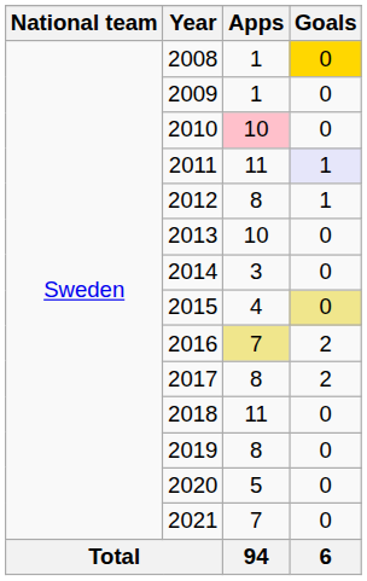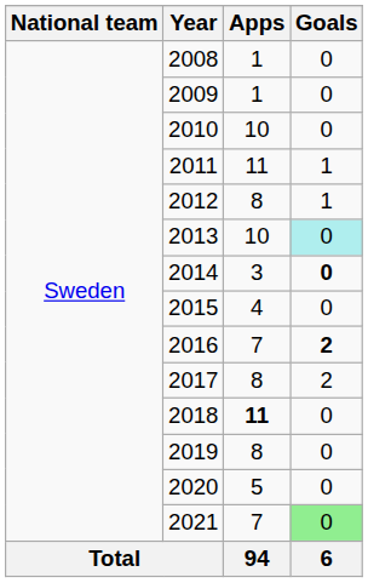 <table class=wikitable style="text-align: center;">
 <tr>
 </tr>
 <tr>
 <th>National team</th>
 <th>Year</th>
 <th>Apps</th>
 <th>Goals</th>
 </tr>
 <tr>
 <td rowspan="14"><a href='#'>Sweden</a></td>
 <td>2008</td>
 <td>1</td>
-<td style="background: gold;">0</td>
+<td>0</td>
 </tr>
 <tr>
 <td>2009</td>
 <td>1</td>
 <td>0</td>
 </tr>
 <tr>
 <td>2010</td>
-<td style="background: pink;">10</td>
+<td>10</td>
 <td>0</td>
 </tr>
 <tr>
 <td>2011</td>
 <td>11</td>
-<td style="background: lavender;">1</td>
+<td>1</td>
 </tr>
 <tr>
 <td>2012</td>
 <td>8</td>
 <td>1</td>
 </tr>
 <tr>
 <td>2013</td>
 <td>10</td>
-<td>0</td>
+<td style="background: paleturquoise;">0</td>
 </tr>
 <tr>
 <td>2014</td>
 <td>3</td>
-<td>0</td>
+<td><strong>0</strong></td>
 </tr>
 <tr>
 <td>2015</td>
 <td>4</td>
-<td style="background: khaki;">0</td>
+<td>0</td>
 </tr>
 <tr>
 <td>2016</td>
-<td style="background: khaki;">7</td>
-<td>2</td>
+<td>7</td>
+<td><strong>2</strong></td>
 </tr>
 <tr>
 <td>2017</td>
 <td>8</td>
 <td>2</td>
 </tr>
 <tr>
 <td>2018</td>
-<td>11</td>
+<td><strong>11</strong></td>
 <td>0</td>
 </tr>
 <tr>
 <td>2019</td>
 <td>8</td>
 <td>0</td>
 </tr>
 <tr>
 <td>2020</td>
 <td>5</td>
 <td>0</td>
 </tr>
 <tr>
 <td>2021</td>
 <td>7</td>
-<td>0</td>
+<td style="background: lightgreen;">0</td>
 </tr>
 <tr>
 <th colspan="2">Total</th>
 <th>94</th>
 <th>6</th>
 </tr>
 </table>
